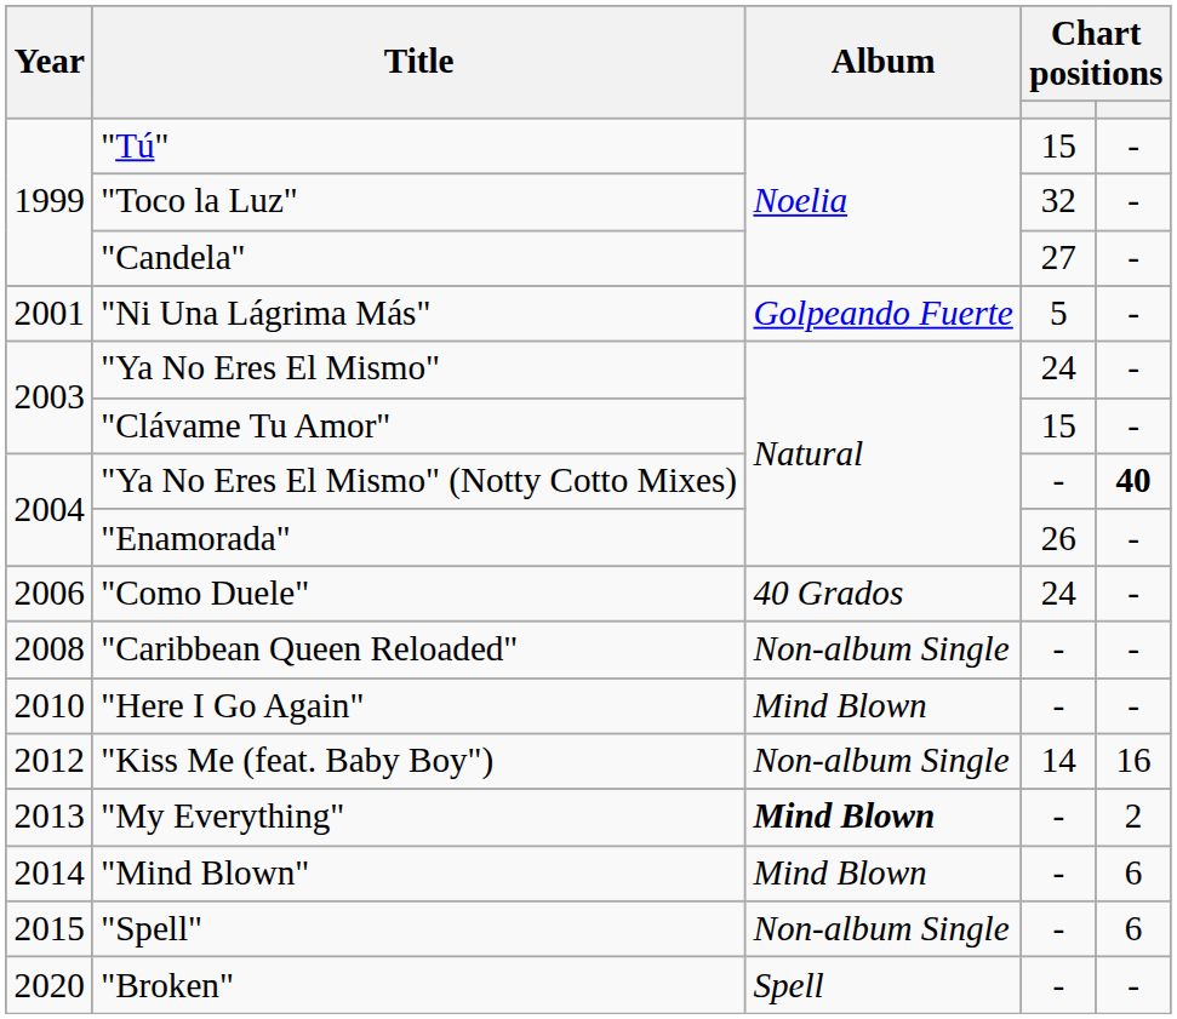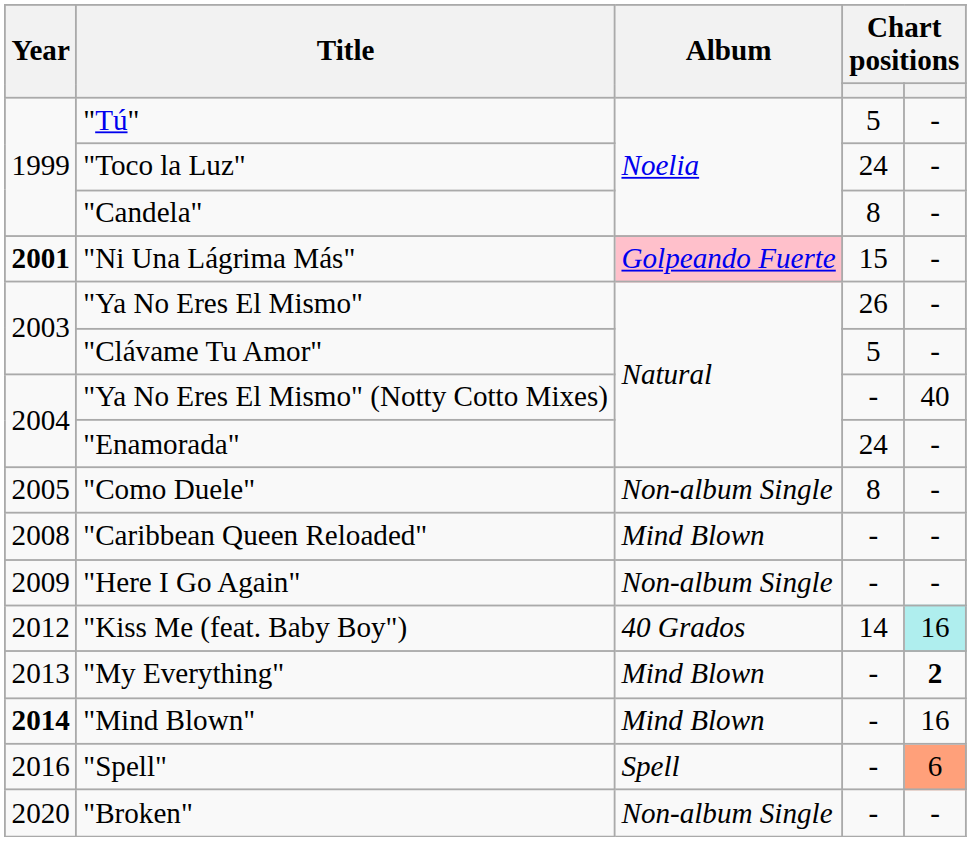 <table class="wikitable">
 <tr>
 <th rowspan="2">Year</th>
 <th rowspan="2">Title</th>
 <th rowspan="2">Album</th>
 <th colspan="15">Chart positions</th>
 </tr>
 <tr>
 <th style="text-align:center; width:25px;"></th>
 <th style="text-align:center; width:25px;"></th>
 </tr>
 <tr>
 <td style="text-align:left;" rowspan="3">1999</td>
 <td style="text-align:left; vertical-align:top;">"<a href='#'>Tú</a>"</td>
 <td style="text-align:left;" rowspan="3"><em><a href='#'>Noelia</a></em></td>
-<td style="text-align:center; vertical-align:top;">15</td>
+<td style="text-align:center; vertical-align:top;">5</td>
 <td style="text-align:center; vertical-align:top;">-</td>
 </tr>
 <tr style="vertical-align:top;">
 <td style="text-align:left; ">"Toco la Luz"</td>
-<td style="text-align:center; ">32</td>
+<td style="text-align:center; vertical-align:top;">24</td>
 <td style="text-align:center; ">-</td>
 </tr>
 <tr>
 <td style="text-align:left;">"Candela"</td>
-<td style="text-align:center; vertical-align:top;">27</td>
+<td style="text-align:center; vertical-align:top;">8</td>
 <td style="text-align:center; vertical-align:top;">-</td>
 </tr>
 <tr>
-<td style="text-align:left;">2001</td>
+<td style="text-align:left;"><strong>2001</strong></td>
 <td style="text-align:left; vertical-align:top;">"Ni Una Lágrima Más"</td>
-<td style="text-align:left;"><em><a href='#'>Golpeando Fuerte</a></em></td>
-<td style="text-align:center; ">5</td>
+<td style="background: pink; text-align:left;"><em><a href='#'>Golpeando Fuerte</a></em></td>
+<td style="text-align:center; vertical-align:top;">15</td>
 <td style="text-align:center; vertical-align:top;">-</td>
 </tr>
 <tr>
 <td style="text-align:left;" rowspan="2">2003</td>
 <td style="text-align:left; vertical-align:top;">"Ya No Eres El Mismo"</td>
 <td style="text-align:left;" rowspan="4"><em>Natural</em></td>
-<td style="text-align:center; vertical-align:top;">24</td>
+<td style="text-align:center; ">26</td>
 <td style="text-align:center; vertical-align:top;">-</td>
 </tr>
 <tr style="vertical-align:top;">
 <td style="text-align:left; ">"Clávame Tu Amor"</td>
-<td style="text-align:center; vertical-align:top;">15</td>
+<td style="text-align:center; ">5</td>
 <td style="text-align:center; ">-</td>
 </tr>
 <tr>
 <td style="text-align:left;" rowspan="2">2004</td>
 <td style="text-align:left; vertical-align:top;">"Ya No Eres El Mismo" (Notty Cotto Mixes)</td>
 <td style="text-align:center; vertical-align:top;">-</td>
-<td style="text-align:center; vertical-align:top;"><strong>40</strong></td>
+<td style="text-align:center; vertical-align:top;">40</td>
 </tr>
 <tr style="vertical-align:top;">
 <td style="text-align:left; ">"Enamorada"</td>
-<td style="text-align:center; ">26</td>
+<td style="text-align:center; vertical-align:top;">24</td>
 <td style="text-align:center; ">-</td>
 </tr>
 <tr>
-<td style="text-align:left;">2006</td>
+<td style="text-align:left;">2005</td>
 <td style="text-align:left; vertical-align:top;">"Como Duele"</td>
-<td style="text-align:left;"><em>40 Grados</em></td>
-<td style="text-align:center; vertical-align:top;">24</td>
+<td style="text-align:left;"><em>Non-album Single</em></td>
+<td style="text-align:center; vertical-align:top;">8</td>
 <td style="text-align:center; vertical-align:top;">-</td>
 </tr>
 <tr>
 <td style="text-align:left;">2008</td>
 <td style="text-align:left; vertical-align:top;">"Caribbean Queen Reloaded"</td>
-<td style="text-align:left;"><em>Non-album Single</em></td>
+<td style="text-align:left;"><em>Mind Blown</em></td>
 <td style="text-align:center; vertical-align:top;">-</td>
 <td style="text-align:center; vertical-align:top;">-</td>
 </tr>
 <tr>
-<td style="text-align:left;">2010</td>
+<td style="text-align:left;">2009</td>
 <td style="text-align:left; vertical-align:top;">"Here I Go Again"</td>
-<td style="text-align:left;"><em>Mind Blown</em></td>
+<td style="text-align:left;"><em>Non-album Single</em></td>
 <td style="text-align:center; vertical-align:top;">-</td>
 <td style="text-align:center; vertical-align:top;">-</td>
 </tr>
 <tr>
 <td style="text-align:left;">2012</td>
 <td style="text-align:left; vertical-align:top;">"Kiss Me (feat. Baby Boy")</td>
-<td style="text-align:left;"><em>Non-album Single</em></td>
+<td style="text-align:left;"><em>40 Grados</em></td>
 <td style="text-align:center; vertical-align:top;">14</td>
-<td style="text-align:center; vertical-align:top;">16</td>
+<td style="background: paleturquoise; text-align:center; vertical-align:top;">16</td>
 </tr>
 <tr>
 <td style="text-align:left;">2013</td>
 <td style="text-align:left; vertical-align:top;">"My Everything"</td>
-<td style="text-align:left;"><strong><em>Mind Blown</em></strong></td>
+<td style="text-align:left;"><em>Mind Blown</em></td>
 <td style="text-align:center; vertical-align:top;">-</td>
-<td style="text-align:center; vertical-align:top;">2</td>
+<td style="text-align:center; vertical-align:top;"><strong>2</strong></td>
 </tr>
 <tr>
-<td style="text-align:left;">2014</td>
+<td style="text-align:left;"><strong>2014</strong></td>
 <td style="text-align:left; vertical-align:top;">"Mind Blown"</td>
 <td style="text-align:left;"><em>Mind Blown</em></td>
 <td style="text-align:center; vertical-align:top;">-</td>
-<td style="text-align:center; tical-averlign:top;">6</td>
+<td style="text-align:center; tical-averlign:top;">16</td>
 </tr>
 <tr>
-<td style="text-align:left;">2015</td>
+<td style="text-align:left;">2016</td>
 <td style="text-align:left; vertical-align:top;">"Spell"</td>
-<td style="text-align:left;"><em>Non-album Single</em></td>
+<td style="text-align:left;"><em>Spell</em></td>
 <td style="text-align:center; vertical-align:top;">-</td>
-<td style="text-align:center; tical-averlign:top;">6</td>
+<td style="background: lightsalmon; text-align:center; tical-averlign:top;">6</td>
 </tr>
 <tr>
 <td style="text-align:left;">2020</td>
 <td style="text-align:left; vertical-align:top;">"Broken"</td>
-<td style="text-align:left;"><em>Spell</em></td>
+<td style="text-align:left;"><em>Non-album Single</em></td>
 <td style="text-align:center; vertical-align:top;">-</td>
 <td style="text-align:center; vertical-align:top;">-</td>
 </tr>
 </table>
